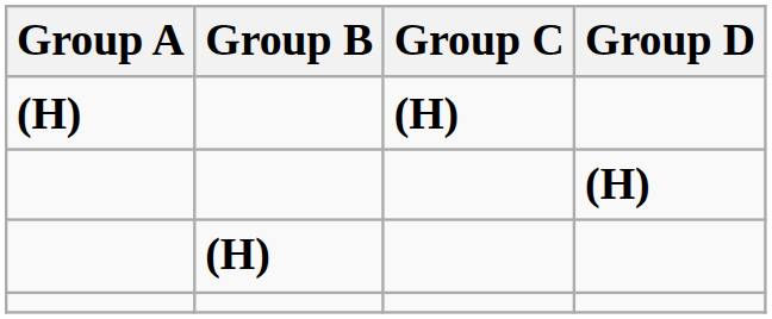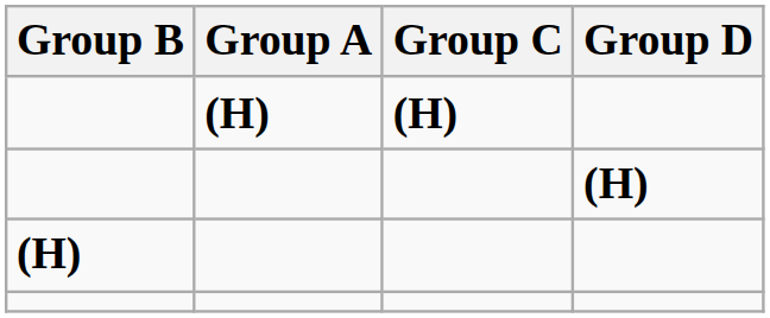 <table class="wikitable">
 <tr>
+<th>Group B</th>
 <th>Group A</th>
-<th>Group B</th>
 <th>Group C</th>
 <th>Group D</th>
 </tr>
 <tr>
+<td></td>
 <td> <strong>(H)</strong></td>
-<td></td>
 <td> <strong>(H)</strong></td>
 <td></td>
 </tr>
 <tr>
 <td></td>
 <td></td>
 <td></td>
 <td> <strong>(H)</strong></td>
 </tr>
 <tr>
+<td> <strong>(H)</strong></td>
 <td></td>
-<td> <strong>(H)</strong></td>
 <td></td>
 <td></td>
 </tr>
 <tr>
 <td></td>
 <td></td>
 <td></td>
 <td></td>
 </tr>
 </table>
